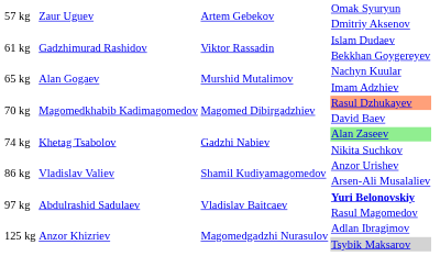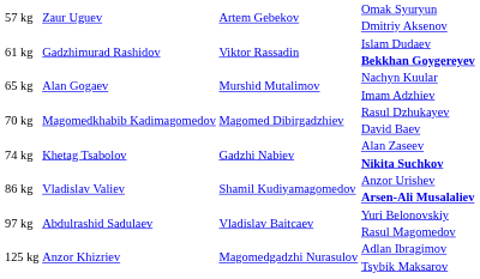 <table>
 <tr>
 <td rowspan=2>57 kg<br></td>
 <td rowspan=2> <a href='#'>Zaur Uguev</a></td>
 <td rowspan=2> <a href='#'>Artem Gebekov</a></td>
 <td> <a href='#'>Omak Syuryun</a></td>
 </tr>
 <tr>
 <td> <a href='#'>Dmitriy Aksenov</a></td>
 </tr>
 <tr>
 <td rowspan=2>61 kg<br></td>
 <td rowspan=2> <a href='#'>Gadzhimurad Rashidov</a></td>
 <td rowspan=2> <a href='#'>Viktor Rassadin</a></td>
 <td><a href='#'>Islam Dudaev</a></td>
 </tr>
 <tr>
-<td> <a href='#'>Bekkhan Goygereyev</a></td>
+<td><strong> <a href='#'>Bekkhan Goygereyev</a></strong></td>
 </tr>
 <tr>
 <td rowspan=2>65 kg<br></td>
 <td rowspan=2> <a href='#'>Alan Gogaev</a></td>
 <td rowspan=2> <a href='#'>Murshid Mutalimov</a></td>
 <td> <a href='#'>Nachyn Kuular</a></td>
 </tr>
 <tr>
 <td> <a href='#'>Imam Adzhiev</a></td>
 </tr>
 <tr>
 <td rowspan=2>70 kg<br></td>
 <td rowspan=2> <a href='#'>Magomedkhabib Kadimagomedov</a></td>
 <td rowspan=2> <a href='#'>Magomed Dibirgadzhiev</a></td>
-<td style="background: lightsalmon;"> <a href='#'>Rasul Dzhukayev</a></td>
+<td> <a href='#'>Rasul Dzhukayev</a></td>
 </tr>
 <tr>
 <td> <a href='#'>David Baev</a></td>
 </tr>
 <tr>
 <td rowspan=2>74 kg<br></td>
 <td rowspan=2> <a href='#'>Khetag Tsabolov</a></td>
 <td rowspan=2> <a href='#'>Gadzhi Nabiev</a></td>
-<td style="background: lightgreen;"> <a href='#'>Alan Zaseev</a></td>
+<td> <a href='#'>Alan Zaseev</a></td>
 </tr>
 <tr>
-<td> <a href='#'>Nikita Suchkov</a></td>
+<td><strong> <a href='#'>Nikita Suchkov</a></strong></td>
 </tr>
 <tr>
 <td rowspan=2>86 kg<br></td>
 <td rowspan=2> <a href='#'>Vladislav Valiev</a></td>
 <td rowspan=2> <a href='#'>Shamil Kudiyamagomedov</a></td>
 <td> <a href='#'>Anzor Urishev</a></td>
 </tr>
 <tr>
-<td> <a href='#'>Arsen-Ali Musalaliev</a></td>
+<td><strong> <a href='#'>Arsen-Ali Musalaliev</a></strong></td>
 </tr>
 <tr>
 <td rowspan=2>97 kg<br></td>
 <td rowspan=2> <a href='#'>Abdulrashid Sadulaev</a></td>
 <td rowspan=2> <a href='#'>Vladislav Baitcaev</a></td>
-<td><strong> <a href='#'>Yuri Belonovskiy</a></strong></td>
+<td> <a href='#'>Yuri Belonovskiy</a></td>
 </tr>
 <tr>
 <td> <a href='#'>Rasul Magomedov</a></td>
 </tr>
 <tr>
 <td rowspan=2>125 kg<br></td>
 <td rowspan=2> <a href='#'>Anzor Khizriev</a></td>
 <td rowspan=2> <a href='#'>Magomedgadzhi Nurasulov</a></td>
 <td> <a href='#'>Adlan Ibragimov</a></td>
 </tr>
 <tr>
-<td style="background: lightgrey;"> <a href='#'>Tsybik Maksarov</a></td>
+<td> <a href='#'>Tsybik Maksarov</a></td>
 </tr>
 </table>
